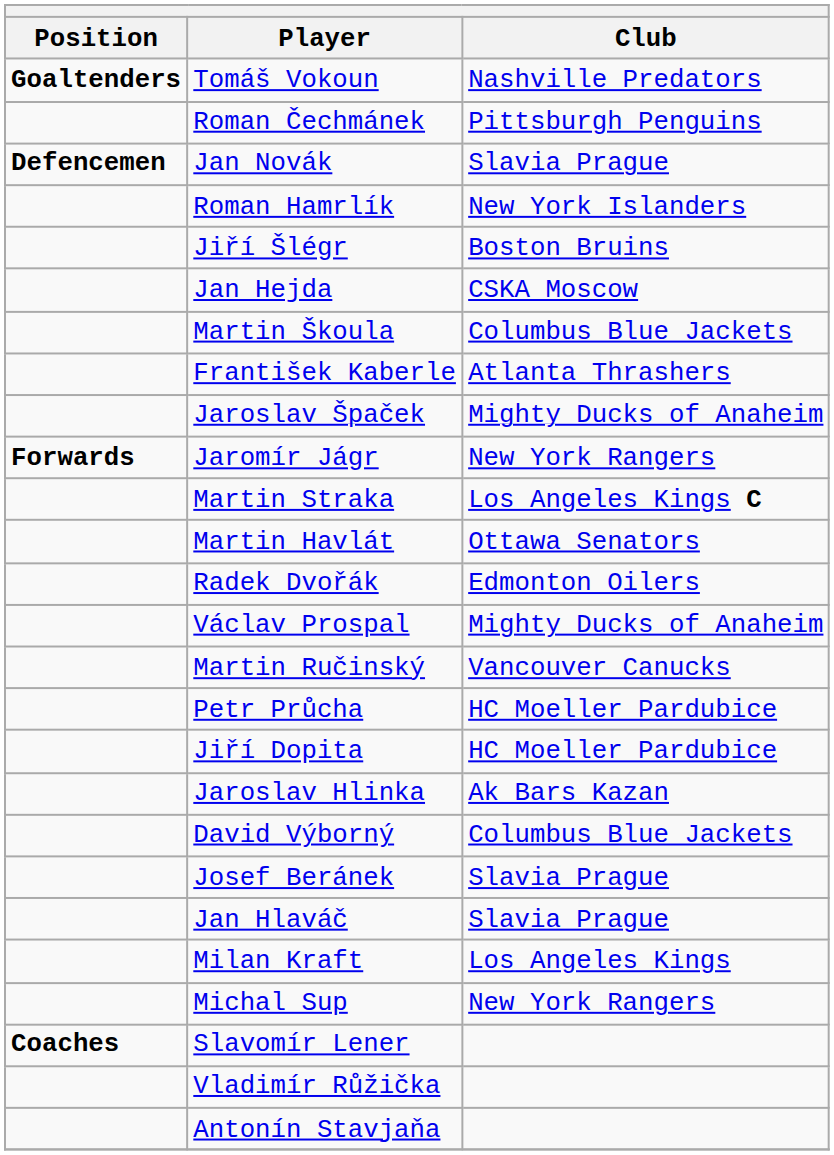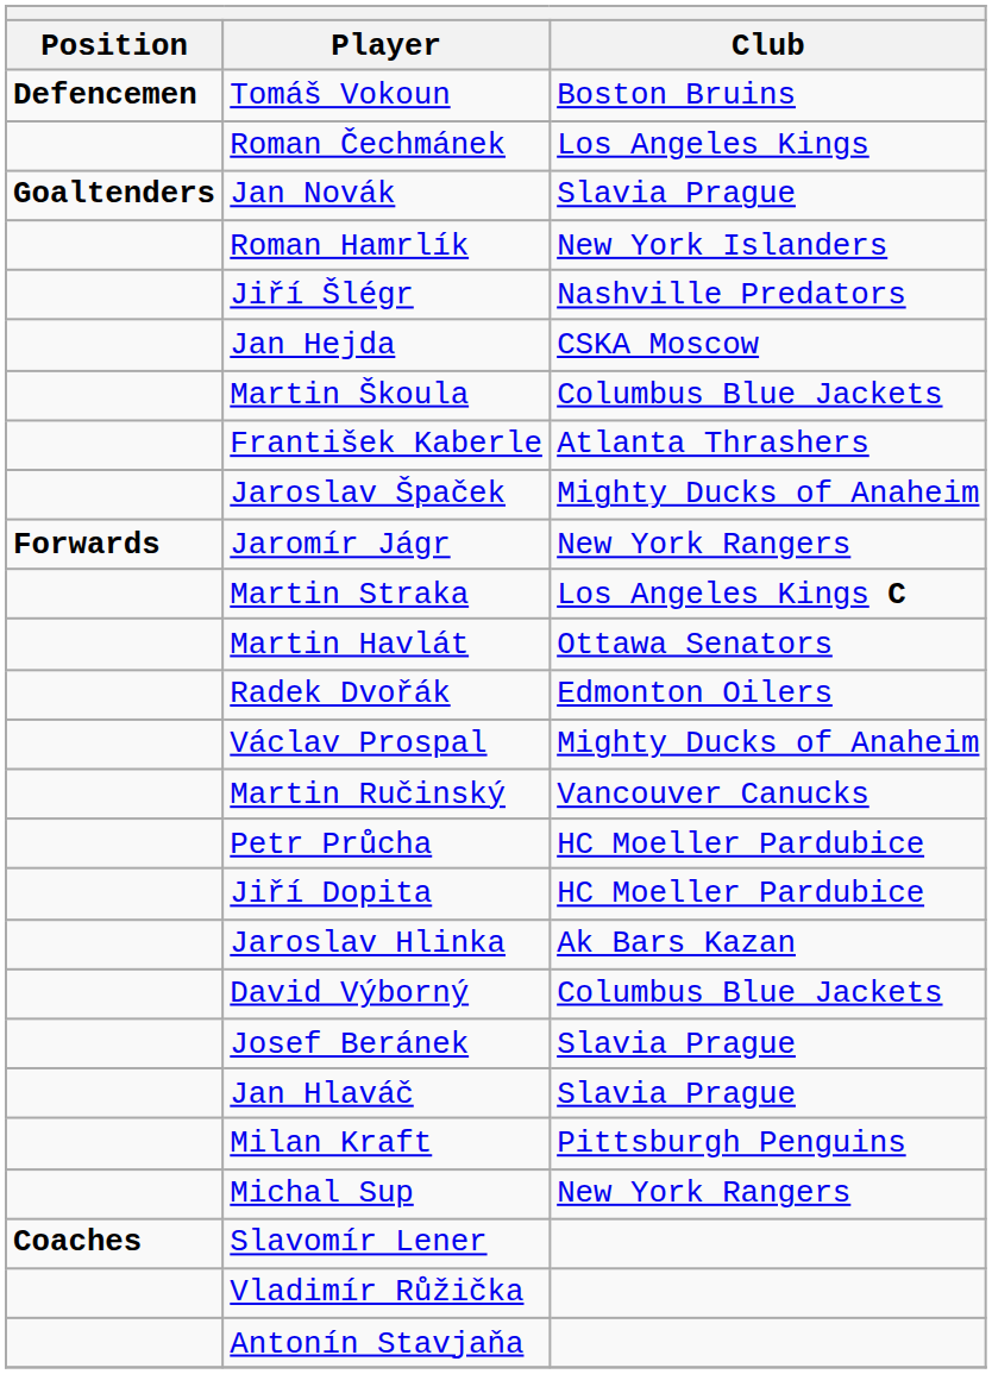 <table class=wikitable>
 <tr>
 <th colspan="7"></th>
 </tr>
 <tr>
 <th>Position</th>
 <th>Player</th>
 <th>Club</th>
 </tr>
 <tr>
-<td><strong>Goaltenders</strong></td>
+<td><strong>Defencemen</strong></td>
 <td><a href='#'>Tomáš Vokoun</a></td>
-<td><a href='#'>Nashville Predators</a></td>
+<td><a href='#'>Boston Bruins</a></td>
 </tr>
 <tr>
 <td></td>
 <td><a href='#'>Roman Čechmánek</a></td>
-<td><a href='#'>Pittsburgh Penguins</a></td>
+<td><a href='#'>Los Angeles Kings</a></td>
 </tr>
 <tr>
-<td><strong>Defencemen</strong></td>
+<td><strong>Goaltenders</strong></td>
 <td><a href='#'>Jan Novák</a></td>
 <td><a href='#'>Slavia Prague</a></td>
 </tr>
 <tr>
 <td></td>
 <td><a href='#'>Roman Hamrlík</a></td>
 <td><a href='#'>New York Islanders</a></td>
 </tr>
 <tr>
 <td></td>
 <td><a href='#'>Jiří Šlégr</a></td>
-<td><a href='#'>Boston Bruins</a></td>
+<td><a href='#'>Nashville Predators</a></td>
 </tr>
 <tr>
 <td></td>
 <td><a href='#'>Jan Hejda</a></td>
 <td><a href='#'>CSKA Moscow</a></td>
 </tr>
 <tr>
 <td></td>
 <td><a href='#'>Martin Škoula</a></td>
 <td><a href='#'>Columbus Blue Jackets</a></td>
 </tr>
 <tr>
 <td></td>
 <td><a href='#'>František Kaberle</a></td>
 <td><a href='#'>Atlanta Thrashers</a></td>
 </tr>
 <tr>
 <td></td>
 <td><a href='#'>Jaroslav Špaček</a></td>
 <td><a href='#'>Mighty Ducks of Anaheim</a></td>
 </tr>
 <tr>
 <td><strong>Forwards</strong></td>
 <td><a href='#'>Jaromír Jágr</a></td>
 <td><a href='#'>New York Rangers</a></td>
 </tr>
 <tr>
 <td></td>
 <td><a href='#'>Martin Straka</a></td>
 <td><a href='#'>Los Angeles Kings</a> <strong>C</strong></td>
 </tr>
 <tr>
 <td></td>
 <td><a href='#'>Martin Havlát</a></td>
 <td><a href='#'>Ottawa Senators</a></td>
 </tr>
 <tr>
 <td></td>
 <td><a href='#'>Radek Dvořák</a></td>
 <td><a href='#'>Edmonton Oilers</a></td>
 </tr>
 <tr>
 <td></td>
 <td><a href='#'>Václav Prospal</a></td>
 <td><a href='#'>Mighty Ducks of Anaheim</a></td>
 </tr>
 <tr>
 <td></td>
 <td><a href='#'>Martin Ručinský</a></td>
 <td><a href='#'>Vancouver Canucks</a></td>
 </tr>
 <tr>
 <td></td>
 <td><a href='#'>Petr Průcha</a></td>
 <td><a href='#'>HC Moeller Pardubice</a></td>
 </tr>
 <tr>
 <td></td>
 <td><a href='#'>Jiří Dopita</a></td>
 <td><a href='#'>HC Moeller Pardubice</a></td>
 </tr>
 <tr>
 <td></td>
 <td><a href='#'>Jaroslav Hlinka</a></td>
 <td><a href='#'>Ak Bars Kazan</a></td>
 </tr>
 <tr>
 <td></td>
 <td><a href='#'>David Výborný</a></td>
 <td><a href='#'>Columbus Blue Jackets</a></td>
 </tr>
 <tr>
 <td></td>
 <td><a href='#'>Josef Beránek</a></td>
 <td><a href='#'>Slavia Prague</a></td>
 </tr>
 <tr>
 <td></td>
 <td><a href='#'>Jan Hlaváč</a></td>
 <td><a href='#'>Slavia Prague</a></td>
 </tr>
 <tr>
 <td></td>
 <td><a href='#'>Milan Kraft</a></td>
-<td><a href='#'>Los Angeles Kings</a></td>
+<td><a href='#'>Pittsburgh Penguins</a></td>
 </tr>
 <tr>
 <td></td>
 <td><a href='#'>Michal Sup</a></td>
 <td><a href='#'>New York Rangers</a></td>
 </tr>
 <tr>
 <td><strong>Coaches</strong></td>
 <td><a href='#'>Slavomír Lener</a></td>
 <td></td>
 </tr>
 <tr>
 <td></td>
 <td><a href='#'>Vladimír Růžička</a></td>
 <td></td>
 </tr>
 <tr>
 <td></td>
 <td><a href='#'>Antonín Stavjaňa</a></td>
 <td></td>
 </tr>
 <tr>
 </tr>
 </table>
